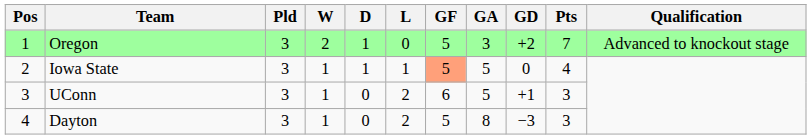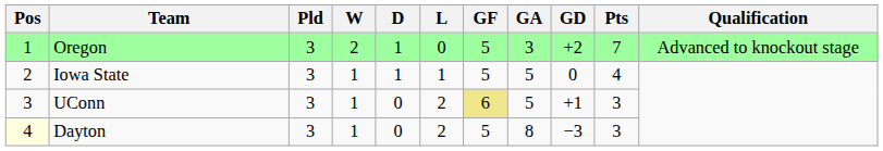 <table class="wikitable" style="text-align:center; margin: 1em auto">
 <tr>
 <th style="width:2em">Pos</th>
 <th style="width:13em">Team</th>
 <th style="width:2em">Pld</th>
 <th style="width:2em">W</th>
 <th style="width:2em">D</th>
 <th style="width:2em">L</th>
 <th style="width:2em">GF</th>
 <th style="width:2em">GA</th>
 <th style="width:2em">GD</th>
 <th style="width:2em">Pts</th>
 <th style="width:13em">Qualification</th>
 </tr>
 <tr bgcolor="#9eff9e">
 <td>1</td>
 <td style="text-align:left">Oregon</td>
 <td>3</td>
 <td>2</td>
 <td>1</td>
 <td>0</td>
 <td>5</td>
 <td>3</td>
 <td>+2</td>
 <td>7</td>
 <td>Advanced to knockout stage</td>
 </tr>
 <tr>
 <td>2</td>
 <td style="text-align:left">Iowa State</td>
 <td>3</td>
 <td>1</td>
 <td>1</td>
 <td>1</td>
-<td style="background: lightsalmon;">5</td>
+<td>5</td>
 <td>5</td>
 <td>0</td>
 <td>4</td>
 </tr>
 <tr>
 <td>3</td>
 <td style="text-align:left">UConn</td>
 <td>3</td>
 <td>1</td>
 <td>0</td>
 <td>2</td>
-<td>6</td>
+<td style="background: khaki;">6</td>
 <td>5</td>
 <td>+1</td>
 <td>3</td>
 </tr>
 <tr>
-<td>4</td>
+<td style="background: lightyellow;">4</td>
 <td style="text-align:left">Dayton</td>
 <td>3</td>
 <td>1</td>
 <td>0</td>
 <td>2</td>
 <td>5</td>
 <td>8</td>
 <td>−3</td>
 <td>3</td>
 </tr>
 </table>
